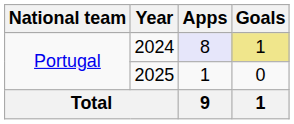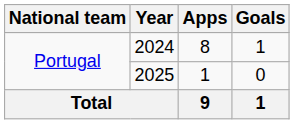 <table class=wikitable style="text-align: center">
 <tr>
 <th>National team</th>
 <th>Year</th>
 <th>Apps</th>
 <th>Goals</th>
 </tr>
 <tr>
 <td rowspan="2"><a href='#'>Portugal</a></td>
 <td>2024</td>
-<td style="background: lavender;">8</td>
-<td style="background: khaki;">1</td>
+<td>8</td>
+<td>1</td>
 </tr>
 <tr>
 <td>2025</td>
 <td>1</td>
 <td>0</td>
 </tr>
 <tr>
 <th colspan="2">Total</th>
 <th>9</th>
 <th>1</th>
 </tr>
 </table>
